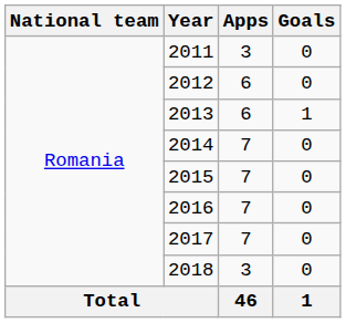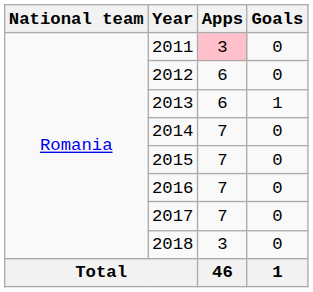 <table class="wikitable" style="text-align:center">
 <tr>
 <th>National team</th>
 <th>Year</th>
 <th>Apps</th>
 <th>Goals</th>
 </tr>
 <tr>
 <td rowspan="8"><a href='#'>Romania</a></td>
 <td>2011</td>
-<td>3</td>
+<td style="background: pink;">3</td>
 <td>0</td>
 </tr>
 <tr>
 <td>2012</td>
 <td>6</td>
 <td>0</td>
 </tr>
 <tr>
 <td>2013</td>
 <td>6</td>
 <td>1</td>
 </tr>
 <tr>
 <td>2014</td>
 <td>7</td>
 <td>0</td>
 </tr>
 <tr>
 <td>2015</td>
 <td>7</td>
 <td>0</td>
 </tr>
 <tr>
 <td>2016</td>
 <td>7</td>
 <td>0</td>
 </tr>
 <tr>
 <td>2017</td>
 <td>7</td>
 <td>0</td>
 </tr>
 <tr>
 <td>2018</td>
 <td>3</td>
 <td>0</td>
 </tr>
 <tr>
 <th colspan="2">Total</th>
 <th>46</th>
 <th>1</th>
 </tr>
 </table>
